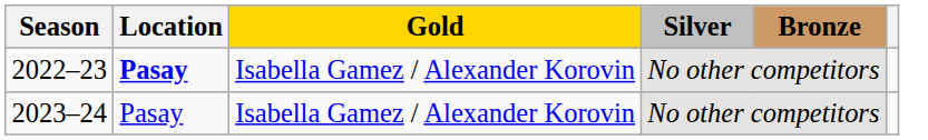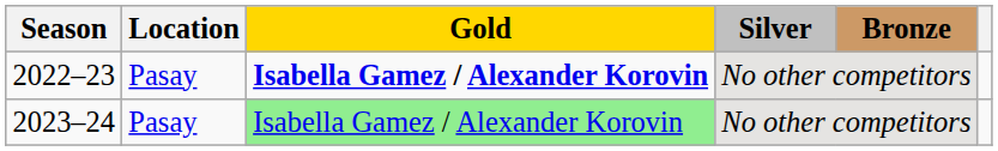 <table class="wikitable">
 <tr>
 <th>Season</th>
 <th>Location</th>
 <td align=center bgcolor=gold><strong>Gold</strong></td>
 <td align=center bgcolor=silver><strong>Silver</strong></td>
 <td align=center bgcolor=cc9966><strong>Bronze</strong></td>
 <th></th>
 </tr>
 <tr>
 <td>2022–23</td>
-<td><strong><a href='#'>Pasay</a></strong></td>
-<td><a href='#'>Isabella Gamez</a> / <a href='#'>Alexander Korovin</a></td>
+<td><a href='#'>Pasay</a></td>
+<td><strong><a href='#'>Isabella Gamez</a> / <a href='#'>Alexander Korovin</a></strong></td>
 <td colspan=2 align=center bgcolor="e5e4e2"><em>No other competitors</em></td>
 <td></td>
 </tr>
 <tr>
 <td>2023–24</td>
 <td><a href='#'>Pasay</a></td>
-<td><a href='#'>Isabella Gamez</a> / <a href='#'>Alexander Korovin</a></td>
+<td style="background: lightgreen;"><a href='#'>Isabella Gamez</a> / <a href='#'>Alexander Korovin</a></td>
 <td colspan=2 align=center bgcolor="e5e4e2"><em>No other competitors</em></td>
 <td></td>
 </tr>
 </table>
